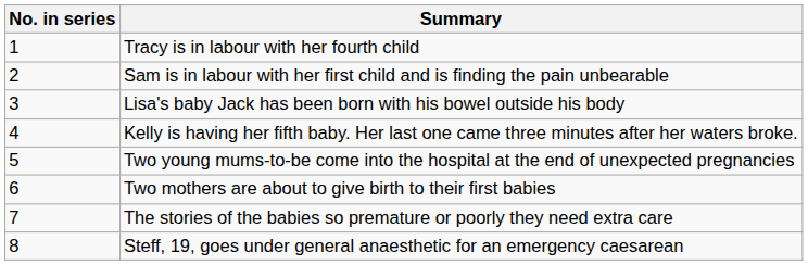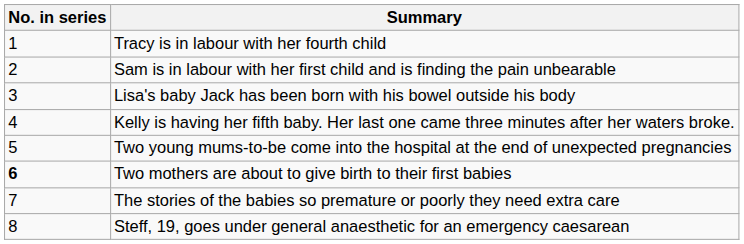 <table class="wikitable">
 <tr>
 <th>No. in series</th>
 <th>Summary</th>
 </tr>
 <tr>
 <td>1</td>
 <td>Tracy is in labour with her fourth child</td>
 </tr>
 <tr>
 <td>2</td>
 <td>Sam is in labour with her first child and is finding the pain unbearable</td>
 </tr>
 <tr>
 <td>3</td>
 <td>Lisa's baby Jack has been born with his bowel outside his body</td>
 </tr>
 <tr>
 <td>4</td>
 <td>Kelly is having her fifth baby. Her last one came three minutes after her waters broke.</td>
 </tr>
 <tr>
 <td>5</td>
 <td>Two young mums-to-be come into the hospital at the end of unexpected pregnancies</td>
 </tr>
 <tr>
-<td>6</td>
+<td><strong>6</strong></td>
 <td>Two mothers are about to give birth to their first babies</td>
 </tr>
 <tr>
 <td>7</td>
 <td>The stories of the babies so premature or poorly they need extra care</td>
 </tr>
 <tr>
 <td>8</td>
 <td>Steff, 19, goes under general anaesthetic for an emergency caesarean</td>
 </tr>
 </table>
